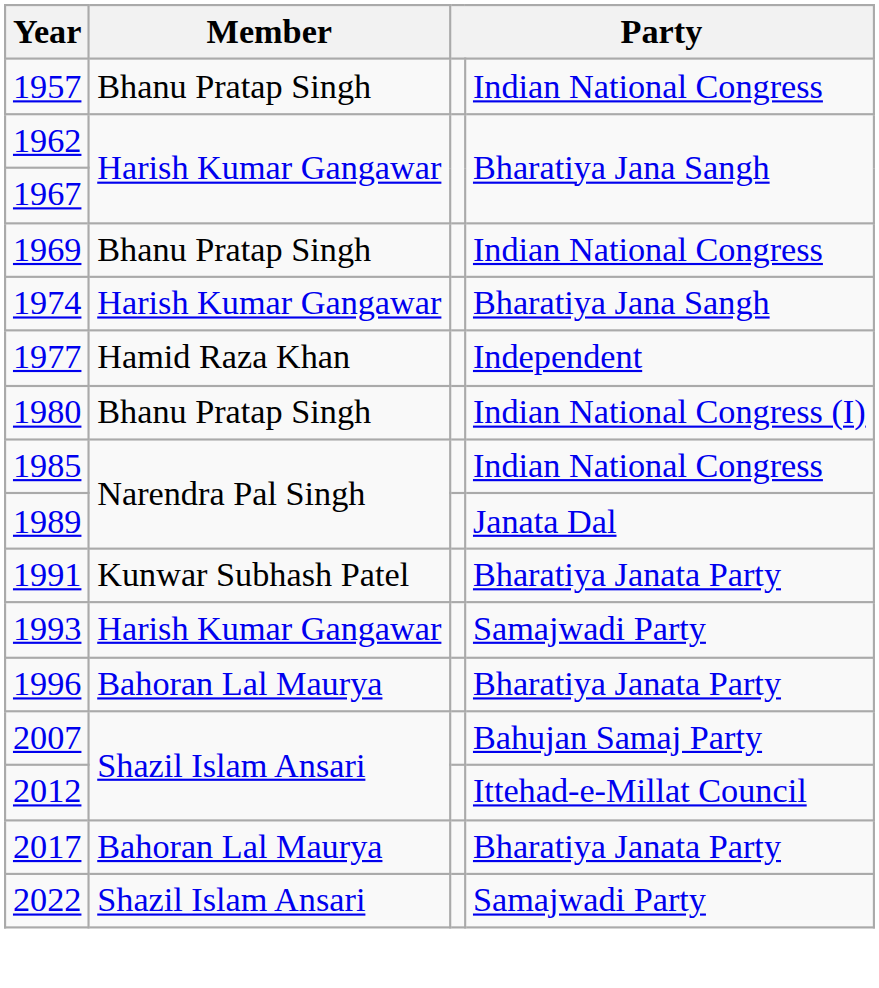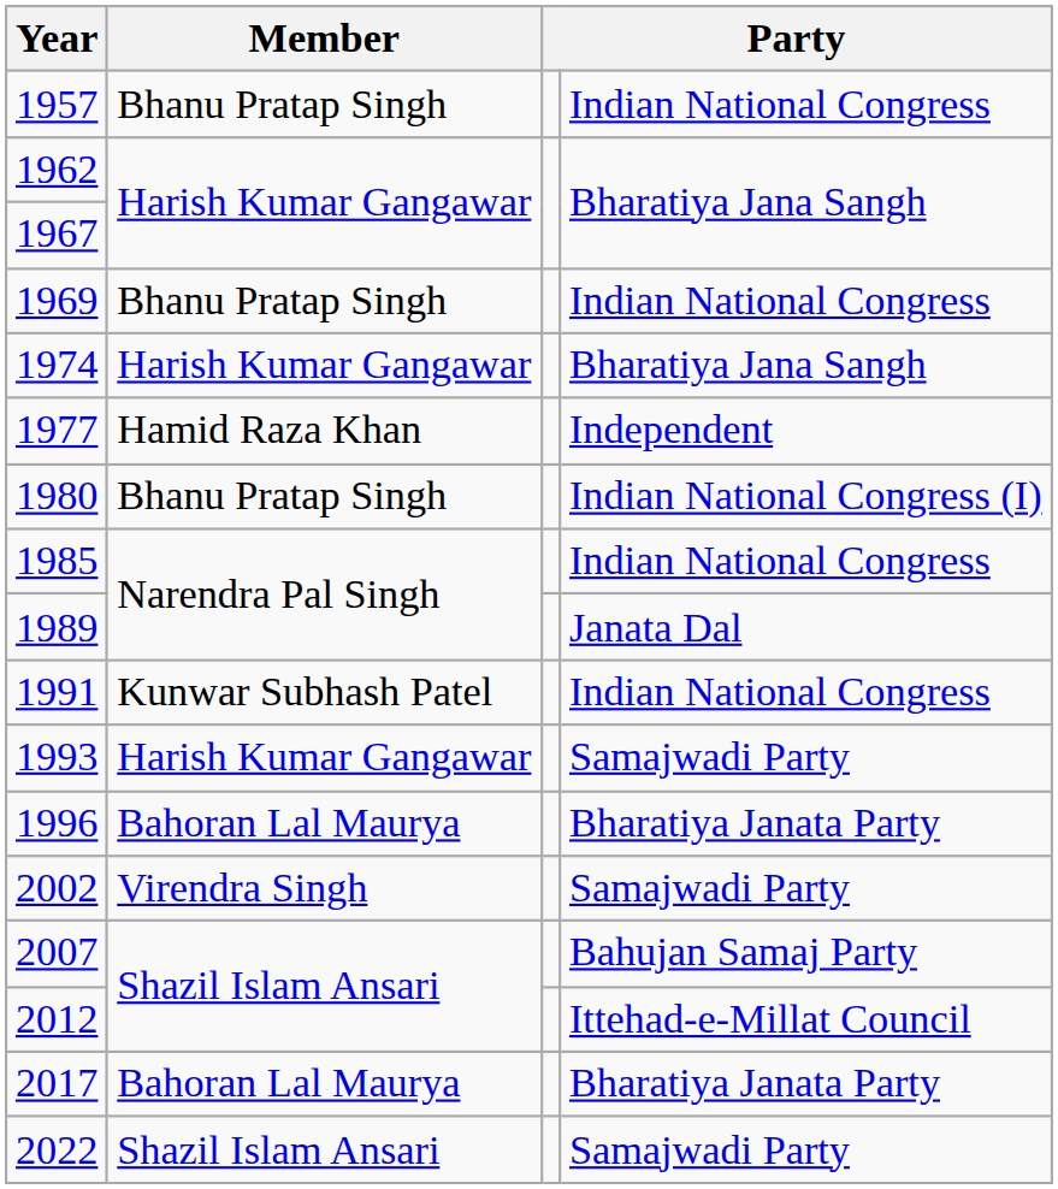 <table class="wikitable">
 <tr>
 <th>Year</th>
 <th>Member</th>
 <th colspan="2">Party</th>
 </tr>
 <tr>
 <td><a href='#'>1957</a></td>
 <td>Bhanu Pratap Singh</td>
 <td style="background-color: "></td>
 <td><a href='#'>Indian National Congress</a></td>
 </tr>
 <tr>
 <td><a href='#'>1962</a></td>
 <td rowspan="2"><a href='#'>Harish Kumar Gangawar</a></td>
 <td rowspan="2" style="background-color: "></td>
 <td rowspan="2"><a href='#'>Bharatiya Jana Sangh</a></td>
 </tr>
 <tr>
 <td><a href='#'>1967</a></td>
 </tr>
 <tr>
 <td><a href='#'>1969</a></td>
 <td>Bhanu Pratap Singh</td>
 <td style="background-color: "></td>
 <td><a href='#'>Indian National Congress</a></td>
 </tr>
 <tr>
 <td><a href='#'>1974</a></td>
 <td><a href='#'>Harish Kumar Gangawar</a></td>
 <td style="background-color: "></td>
 <td><a href='#'>Bharatiya Jana Sangh</a></td>
 </tr>
 <tr>
 <td><a href='#'>1977</a></td>
 <td>Hamid Raza Khan</td>
 <td style="background-color: "></td>
 <td><a href='#'>Independent</a></td>
 </tr>
 <tr>
 <td><a href='#'>1980</a></td>
 <td>Bhanu Pratap Singh</td>
 <td style="background-color: "></td>
 <td><a href='#'>Indian National Congress (I)</a></td>
 </tr>
 <tr>
 <td><a href='#'>1985</a></td>
 <td rowspan="2">Narendra Pal Singh</td>
 <td style="background-color: "></td>
 <td><a href='#'>Indian National Congress</a></td>
 </tr>
 <tr>
 <td><a href='#'>1989</a></td>
 <td style="background-color: "></td>
 <td><a href='#'>Janata Dal</a></td>
 </tr>
 <tr>
 <td><a href='#'>1991</a></td>
 <td>Kunwar Subhash Patel</td>
 <td style="background-color: "></td>
-<td><a href='#'>Bharatiya Janata Party</a></td>
+<td><a href='#'>Indian National Congress</a></td>
 </tr>
 <tr>
 <td><a href='#'>1993</a></td>
 <td><a href='#'>Harish Kumar Gangawar</a></td>
 <td style="background-color: "></td>
 <td><a href='#'>Samajwadi Party</a></td>
 </tr>
 <tr>
 <td><a href='#'>1996</a></td>
 <td><a href='#'>Bahoran Lal Maurya</a></td>
 <td style="background-color: "></td>
 <td><a href='#'>Bharatiya Janata Party</a></td>
+</tr>
+<tr>
+<td><a href='#'>2002</a></td>
+<td><a href='#'>Virendra Singh</a></td>
+<td style="background-color: "></td>
+<td><a href='#'>Samajwadi Party</a></td>
 </tr>
 <tr>
 <td><a href='#'>2007</a></td>
 <td rowspan="2"><a href='#'>Shazil Islam Ansari</a></td>
 <td style="background-color: "></td>
 <td><a href='#'>Bahujan Samaj Party</a></td>
 </tr>
 <tr>
 <td><a href='#'>2012</a></td>
 <td style="background-color: "></td>
 <td><a href='#'>Ittehad-e-Millat Council</a></td>
 </tr>
 <tr>
 <td><a href='#'>2017</a></td>
 <td><a href='#'>Bahoran Lal Maurya</a></td>
 <td style="background-color: "></td>
 <td><a href='#'>Bharatiya Janata Party</a></td>
 </tr>
 <tr>
 <td><a href='#'>2022</a></td>
 <td><a href='#'>Shazil Islam Ansari</a></td>
 <td style="background-color: "></td>
 <td><a href='#'>Samajwadi Party</a></td>
 </tr>
 </table>
